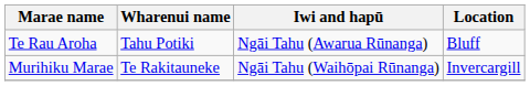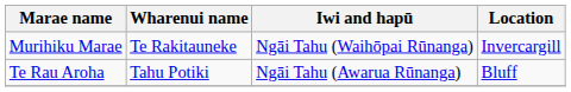 <table class="wikitable sortable">
 <tr>
 <th>Marae name</th>
 <th>Wharenui name</th>
 <th>Iwi and hapū</th>
 <th>Location</th>
 </tr>
 <tr>
+<td><a href='#'>Murihiku Marae</a></td>
+<td><a href='#'>Te Rakitauneke</a></td>
+<td><a href='#'>Ngāi Tahu</a> (<a href='#'>Waihōpai Rūnanga</a>)</td>
+<td><a href='#'>Invercargill</a></td>
+</tr>
+<tr>
 <td><a href='#'>Te Rau Aroha</a></td>
 <td><a href='#'>Tahu Potiki</a></td>
 <td><a href='#'>Ngāi Tahu</a> (<a href='#'>Awarua Rūnanga</a>)</td>
 <td><a href='#'>Bluff</a></td>
 </tr>
 <tr>
-<td><a href='#'>Murihiku Marae</a></td>
-<td><a href='#'>Te Rakitauneke</a></td>
-<td><a href='#'>Ngāi Tahu</a> (<a href='#'>Waihōpai Rūnanga</a>)</td>
-<td><a href='#'>Invercargill</a></td>
-</tr>
-<tr>
 </tr>
 </table>
